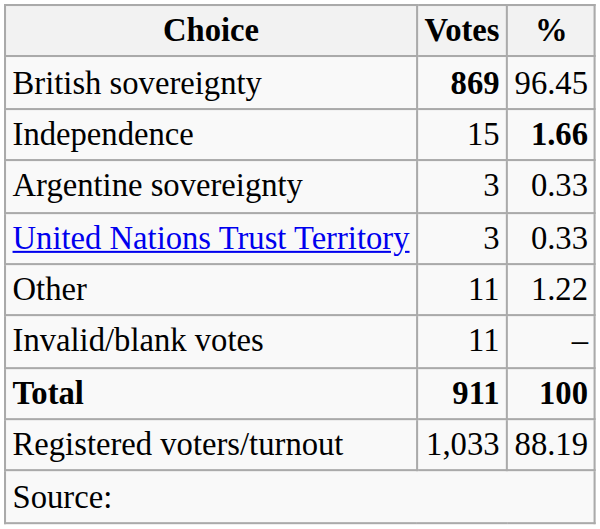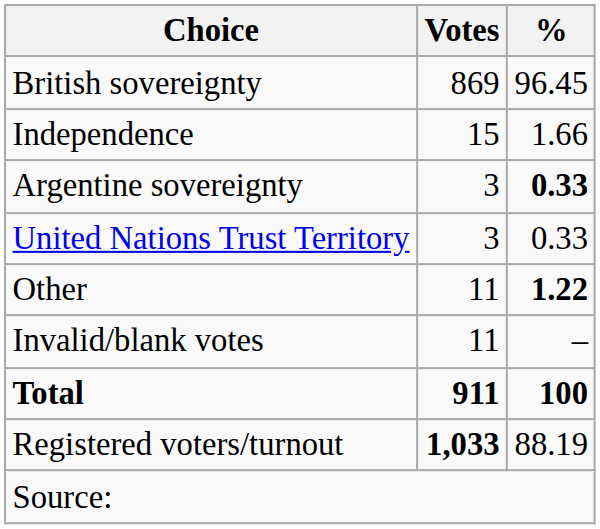 <table class=wikitable style=text-align:right>
 <tr>
 <th>Choice</th>
 <th>Votes</th>
 <th>%</th>
 </tr>
 <tr>
 <td align=left>British sovereignty</td>
-<td><strong>869</strong></td>
+<td>869</td>
 <td>96.45</td>
 </tr>
 <tr>
 <td align=left>Independence</td>
 <td>15</td>
-<td><strong>1.66</strong></td>
+<td>1.66</td>
 </tr>
 <tr>
 <td align=left>Argentine sovereignty</td>
 <td>3</td>
-<td>0.33</td>
+<td><strong>0.33</strong></td>
 </tr>
 <tr>
 <td align=left><a href='#'>United Nations Trust Territory</a></td>
 <td>3</td>
 <td>0.33</td>
 </tr>
 <tr>
 <td align=left>Other</td>
 <td>11</td>
-<td>1.22</td>
+<td><strong>1.22</strong></td>
 </tr>
 <tr>
 <td align=left>Invalid/blank votes</td>
 <td>11</td>
 <td>–</td>
 </tr>
 <tr>
 <td align=left><strong>Total</strong></td>
 <td><strong>911</strong></td>
 <td><strong>100</strong></td>
 </tr>
 <tr>
 <td align=left>Registered voters/turnout</td>
-<td>1,033</td>
+<td><strong>1,033</strong></td>
 <td>88.19</td>
 </tr>
 <tr>
 <td colspan=3 align=left>Source: </td>
 </tr>
 </table>
